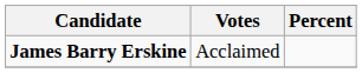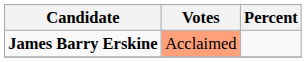 <table class="wikitable">
 <tr>
 <th>Candidate</th>
 <th>Votes</th>
 <th>Percent</th>
 </tr>
 <tr>
 <td style="font-weight:bold;">James Barry Erskine</td>
-<td style="text-align:right;">Acclaimed</td>
+<td style="background: lightsalmon; text-align:right;">Acclaimed</td>
 <td style="text-align:right;"></td>
 </tr>
 <tr>
 </tr>
 </table>
